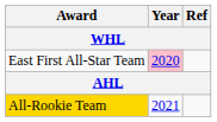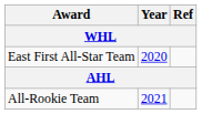 <table class="wikitable">
 <tr>
 <th>Award</th>
 <th>Year</th>
 <th>Ref</th>
 </tr>
 <tr>
 <th colspan="3"><a href='#'>WHL</a></th>
 </tr>
 <tr>
 <td>East First All-Star Team</td>
-<td style="background: pink;"><a href='#'>2020</a></td>
+<td><a href='#'>2020</a></td>
 <td></td>
 </tr>
 <tr>
 <th colspan="3"><a href='#'>AHL</a></th>
 </tr>
 <tr>
-<td style="background: gold;">All-Rookie Team</td>
+<td>All-Rookie Team</td>
 <td><a href='#'>2021</a></td>
 <td></td>
 </tr>
 </table>
